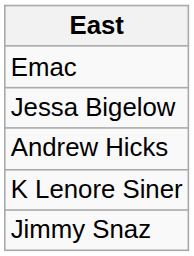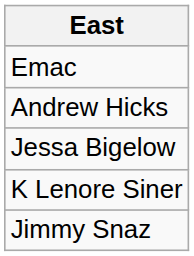 <table class="wikitable" style="display: inline-table;">
 <tr>
 <th>East</th>
 </tr>
 <tr>
 <td>Emac</td>
 </tr>
 <tr>
-<td>Jessa Bigelow</td>
+<td>Andrew Hicks</td>
 </tr>
 <tr>
-<td>Andrew Hicks</td>
+<td>Jessa Bigelow</td>
 </tr>
 <tr>
 <td>K Lenore Siner</td>
 </tr>
 <tr>
 <td>Jimmy Snaz</td>
 </tr>
 </table>
